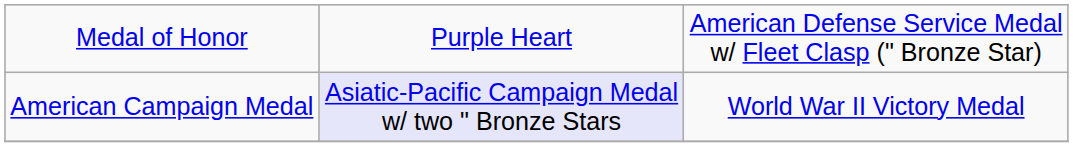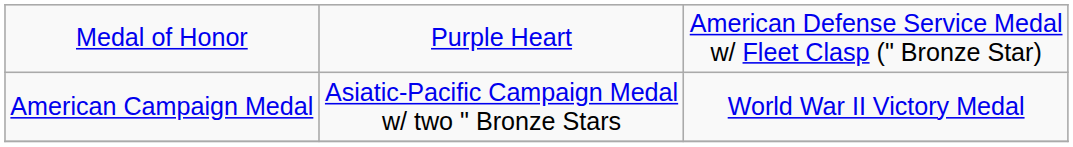 <table class="wikitable" style="margin:1em auto; text-align:center;">
 <tr>
 <td><a href='#'>Medal of Honor</a></td>
 <td><a href='#'>Purple Heart</a></td>
 <td><a href='#'>American Defense Service Medal</a><br>w/ <a href='#'>Fleet Clasp</a> (" Bronze Star)</td>
 </tr>
 <tr>
 <td><a href='#'>American Campaign Medal</a></td>
-<td style="background: lavender;"><a href='#'>Asiatic-Pacific Campaign Medal</a><br>w/ two " Bronze Stars</td>
+<td><a href='#'>Asiatic-Pacific Campaign Medal</a><br>w/ two " Bronze Stars</td>
 <td><a href='#'>World War II Victory Medal</a></td>
 </tr>
 <tr>
 </tr>
 </table>
